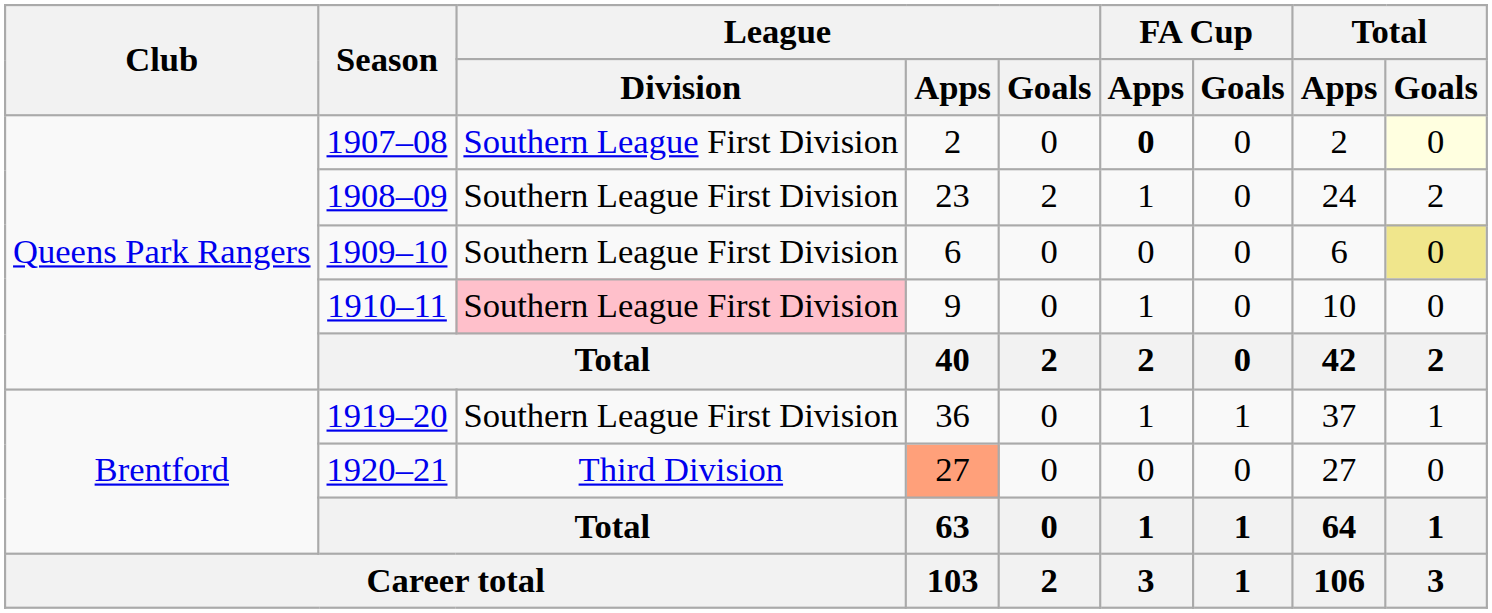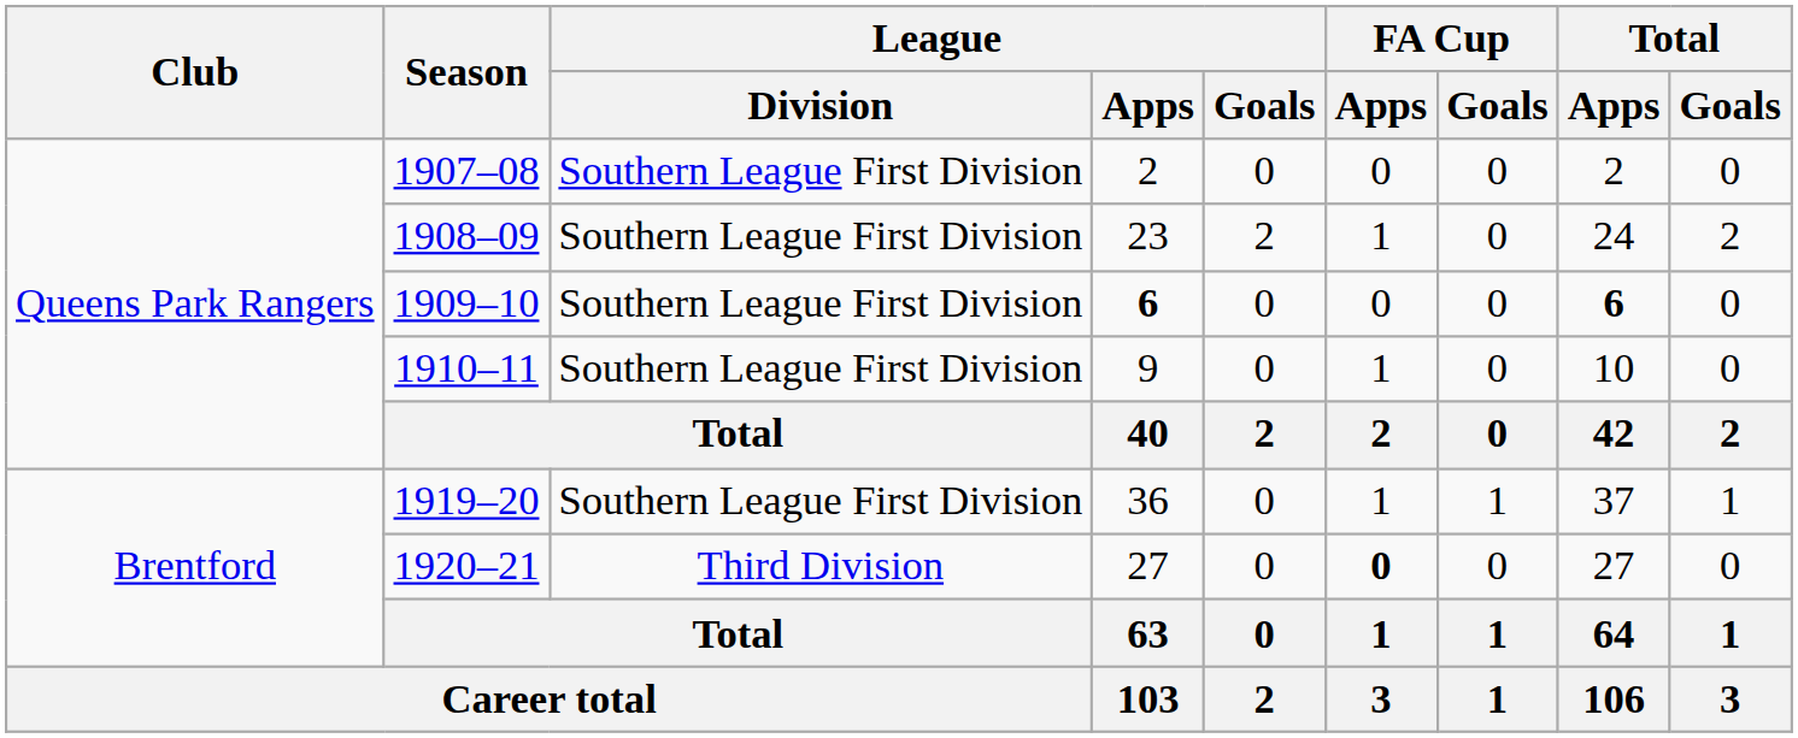 <table class="wikitable" style="text-align: center;">
 <tr>
 <th rowspan="2">Club</th>
 <th rowspan="2">Season</th>
 <th colspan="3">League</th>
 <th colspan="2">FA Cup</th>
 <th colspan="2">Total</th>
 </tr>
 <tr>
 <th>Division</th>
 <th>Apps</th>
 <th>Goals</th>
 <th>Apps</th>
 <th>Goals</th>
 <th>Apps</th>
 <th>Goals</th>
 </tr>
 <tr>
 <td rowspan="5"><a href='#'>Queens Park Rangers</a></td>
 <td><a href='#'>1907–08</a></td>
 <td><a href='#'>Southern League</a> First Division</td>
 <td>2</td>
 <td>0</td>
-<td><strong>0</strong></td>
+<td>0</td>
 <td>0</td>
 <td>2</td>
-<td style="background: lightyellow;">0</td>
+<td>0</td>
 </tr>
 <tr>
 <td><a href='#'>1908–09</a></td>
 <td>Southern League First Division</td>
 <td>23</td>
 <td>2</td>
 <td>1</td>
 <td>0</td>
 <td>24</td>
 <td>2</td>
 </tr>
 <tr>
 <td><a href='#'>1909–10</a></td>
 <td>Southern League First Division</td>
-<td>6</td>
+<td><strong>6</strong></td>
 <td>0</td>
 <td>0</td>
 <td>0</td>
-<td>6</td>
-<td style="background: khaki;">0</td>
+<td><strong>6</strong></td>
+<td>0</td>
 </tr>
 <tr>
 <td><a href='#'>1910–11</a></td>
-<td style="background: pink;">Southern League First Division</td>
+<td>Southern League First Division</td>
 <td>9</td>
 <td>0</td>
 <td>1</td>
 <td>0</td>
 <td>10</td>
 <td>0</td>
 </tr>
 <tr>
 <th colspan="2">Total</th>
 <th>40</th>
 <th>2</th>
 <th>2</th>
 <th>0</th>
 <th>42</th>
 <th>2</th>
 </tr>
 <tr>
 <td rowspan="3"><a href='#'>Brentford</a></td>
 <td><a href='#'>1919–20</a></td>
 <td>Southern League First Division</td>
 <td>36</td>
 <td>0</td>
 <td>1</td>
 <td>1</td>
 <td>37</td>
 <td>1</td>
 </tr>
 <tr>
 <td><a href='#'>1920–21</a></td>
 <td><a href='#'>Third Division</a></td>
-<td style="background: lightsalmon;">27</td>
+<td>27</td>
 <td>0</td>
-<td>0</td>
+<td><strong>0</strong></td>
 <td>0</td>
 <td>27</td>
 <td>0</td>
 </tr>
 <tr>
 <th colspan="2">Total</th>
 <th>63</th>
 <th>0</th>
 <th>1</th>
 <th>1</th>
 <th>64</th>
 <th>1</th>
 </tr>
 <tr>
 <th colspan="3">Career total</th>
 <th>103</th>
 <th>2</th>
 <th>3</th>
 <th>1</th>
 <th>106</th>
 <th>3</th>
 </tr>
 </table>
